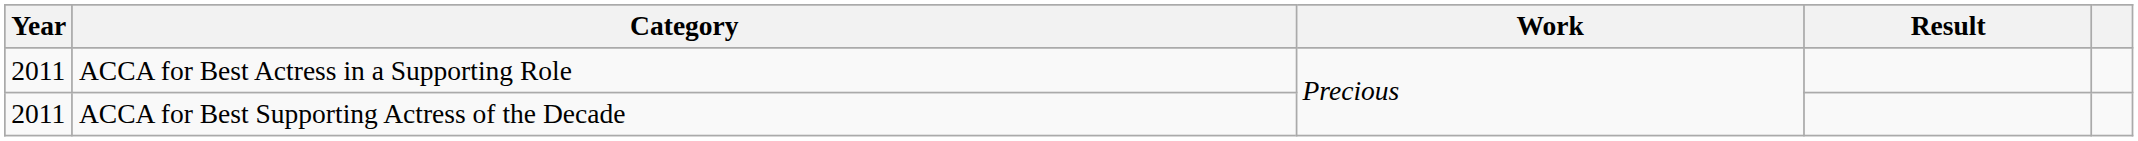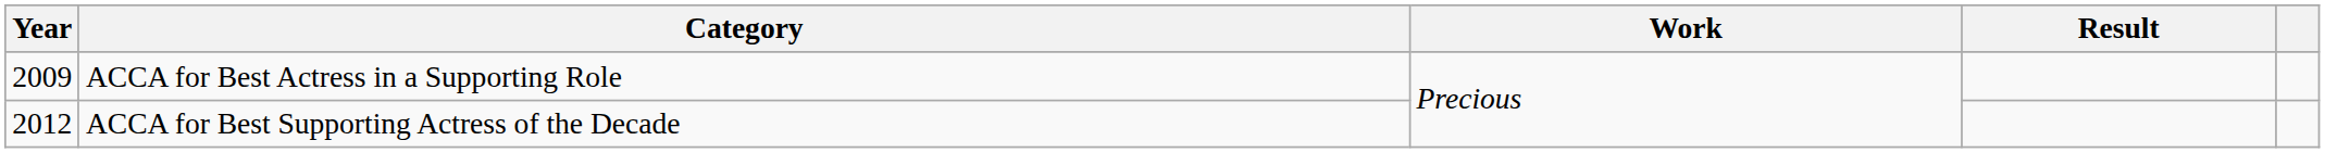 <table class="wikitable">
 <tr>
 <th scope="col" style="width:1em;">Year</th>
 <th scope="col" style="width:44em;">Category</th>
 <th scope="col" style="width:18em;">Work</th>
 <th scope="col" style="width:10em;">Result</th>
 <th class="unsortable" style="width:1em;"></th>
 </tr>
 <tr>
-<td>2011</td>
+<td>2009</td>
 <td>ACCA for Best Actress in a Supporting Role</td>
 <td rowspan="2"><em>Precious</em></td>
 <td></td>
 <td></td>
 </tr>
 <tr>
-<td>2011</td>
+<td>2012</td>
 <td>ACCA for Best Supporting Actress of the Decade</td>
 <td></td>
 <td></td>
 </tr>
 </table>
